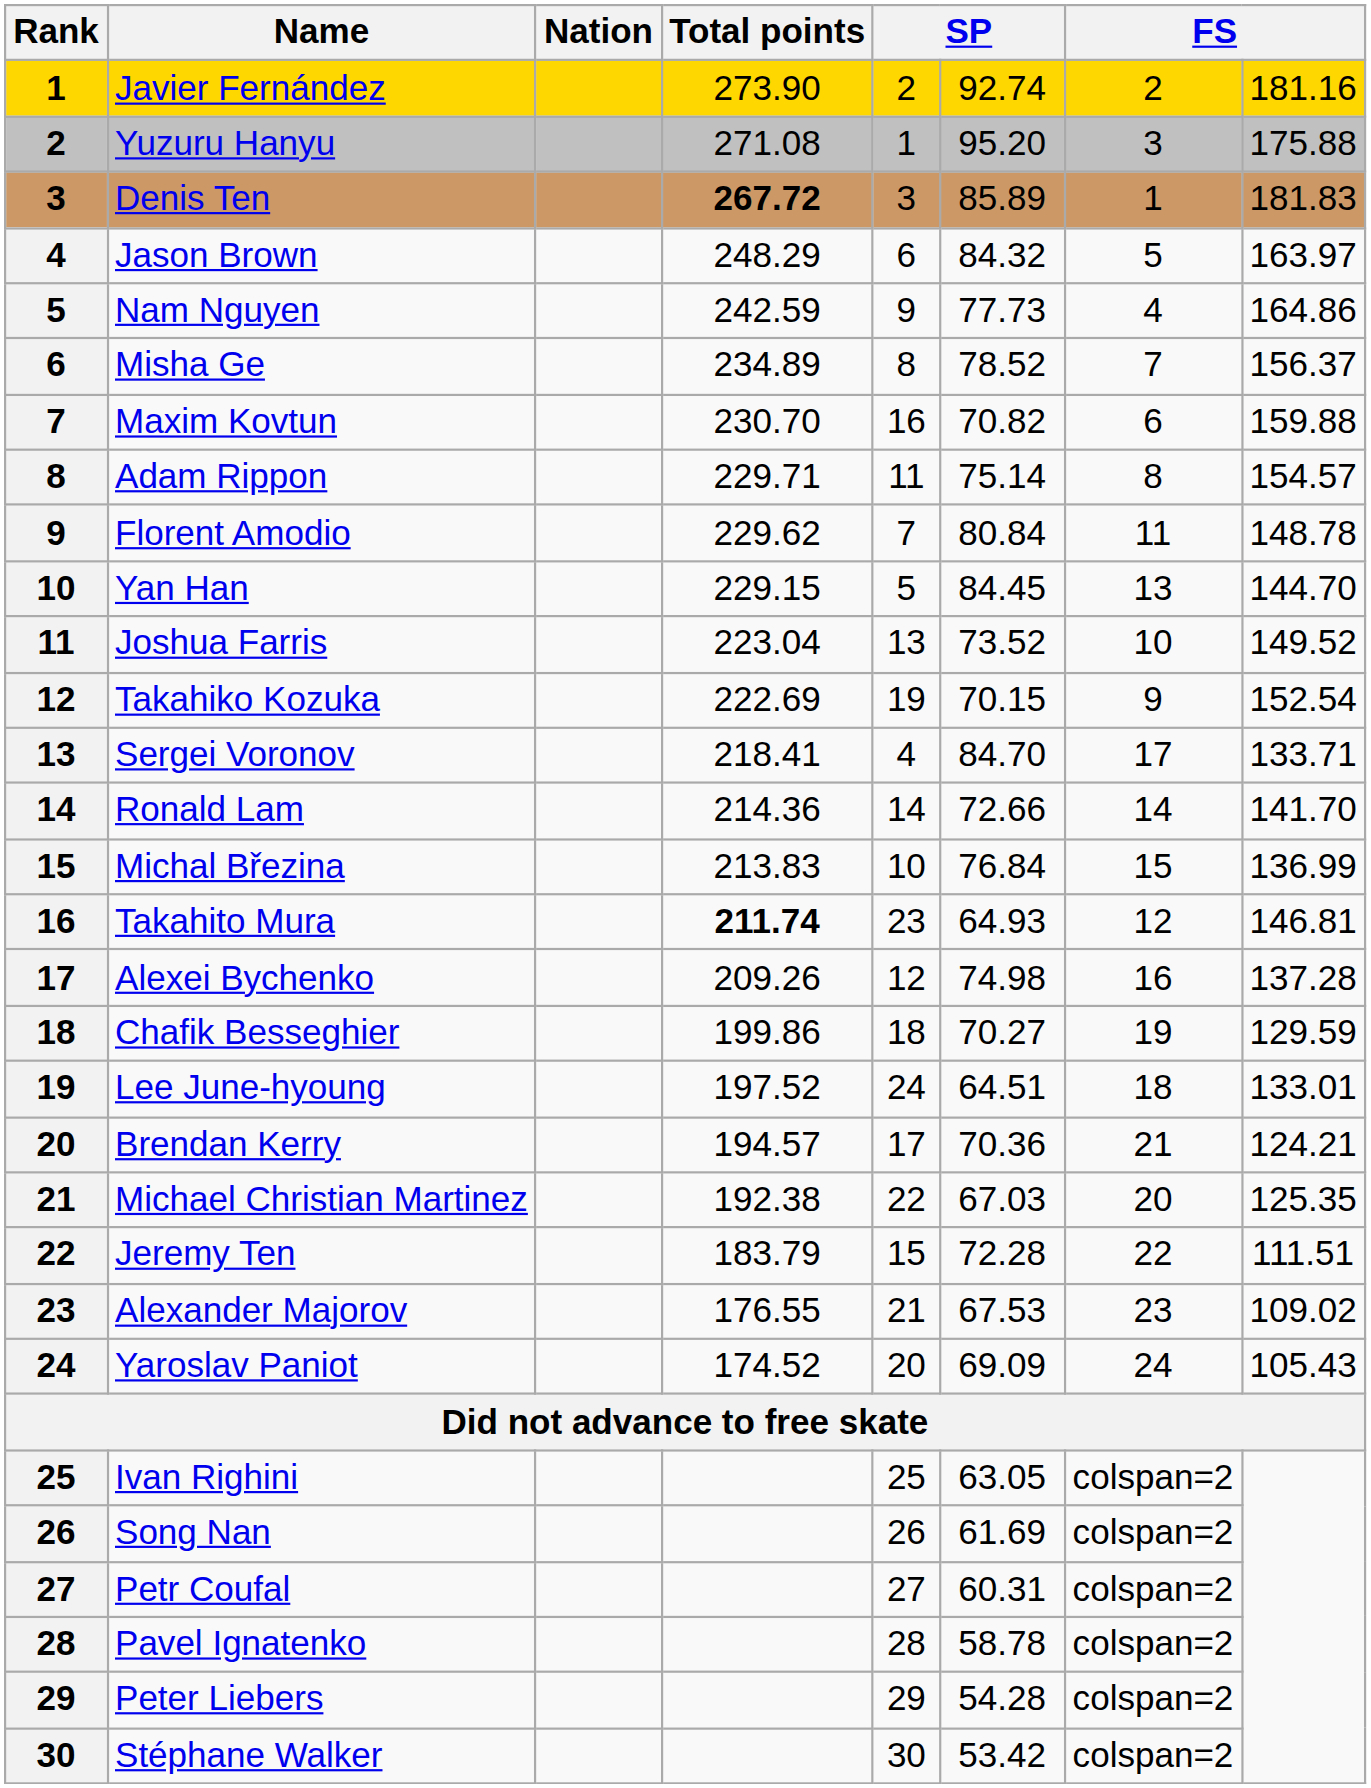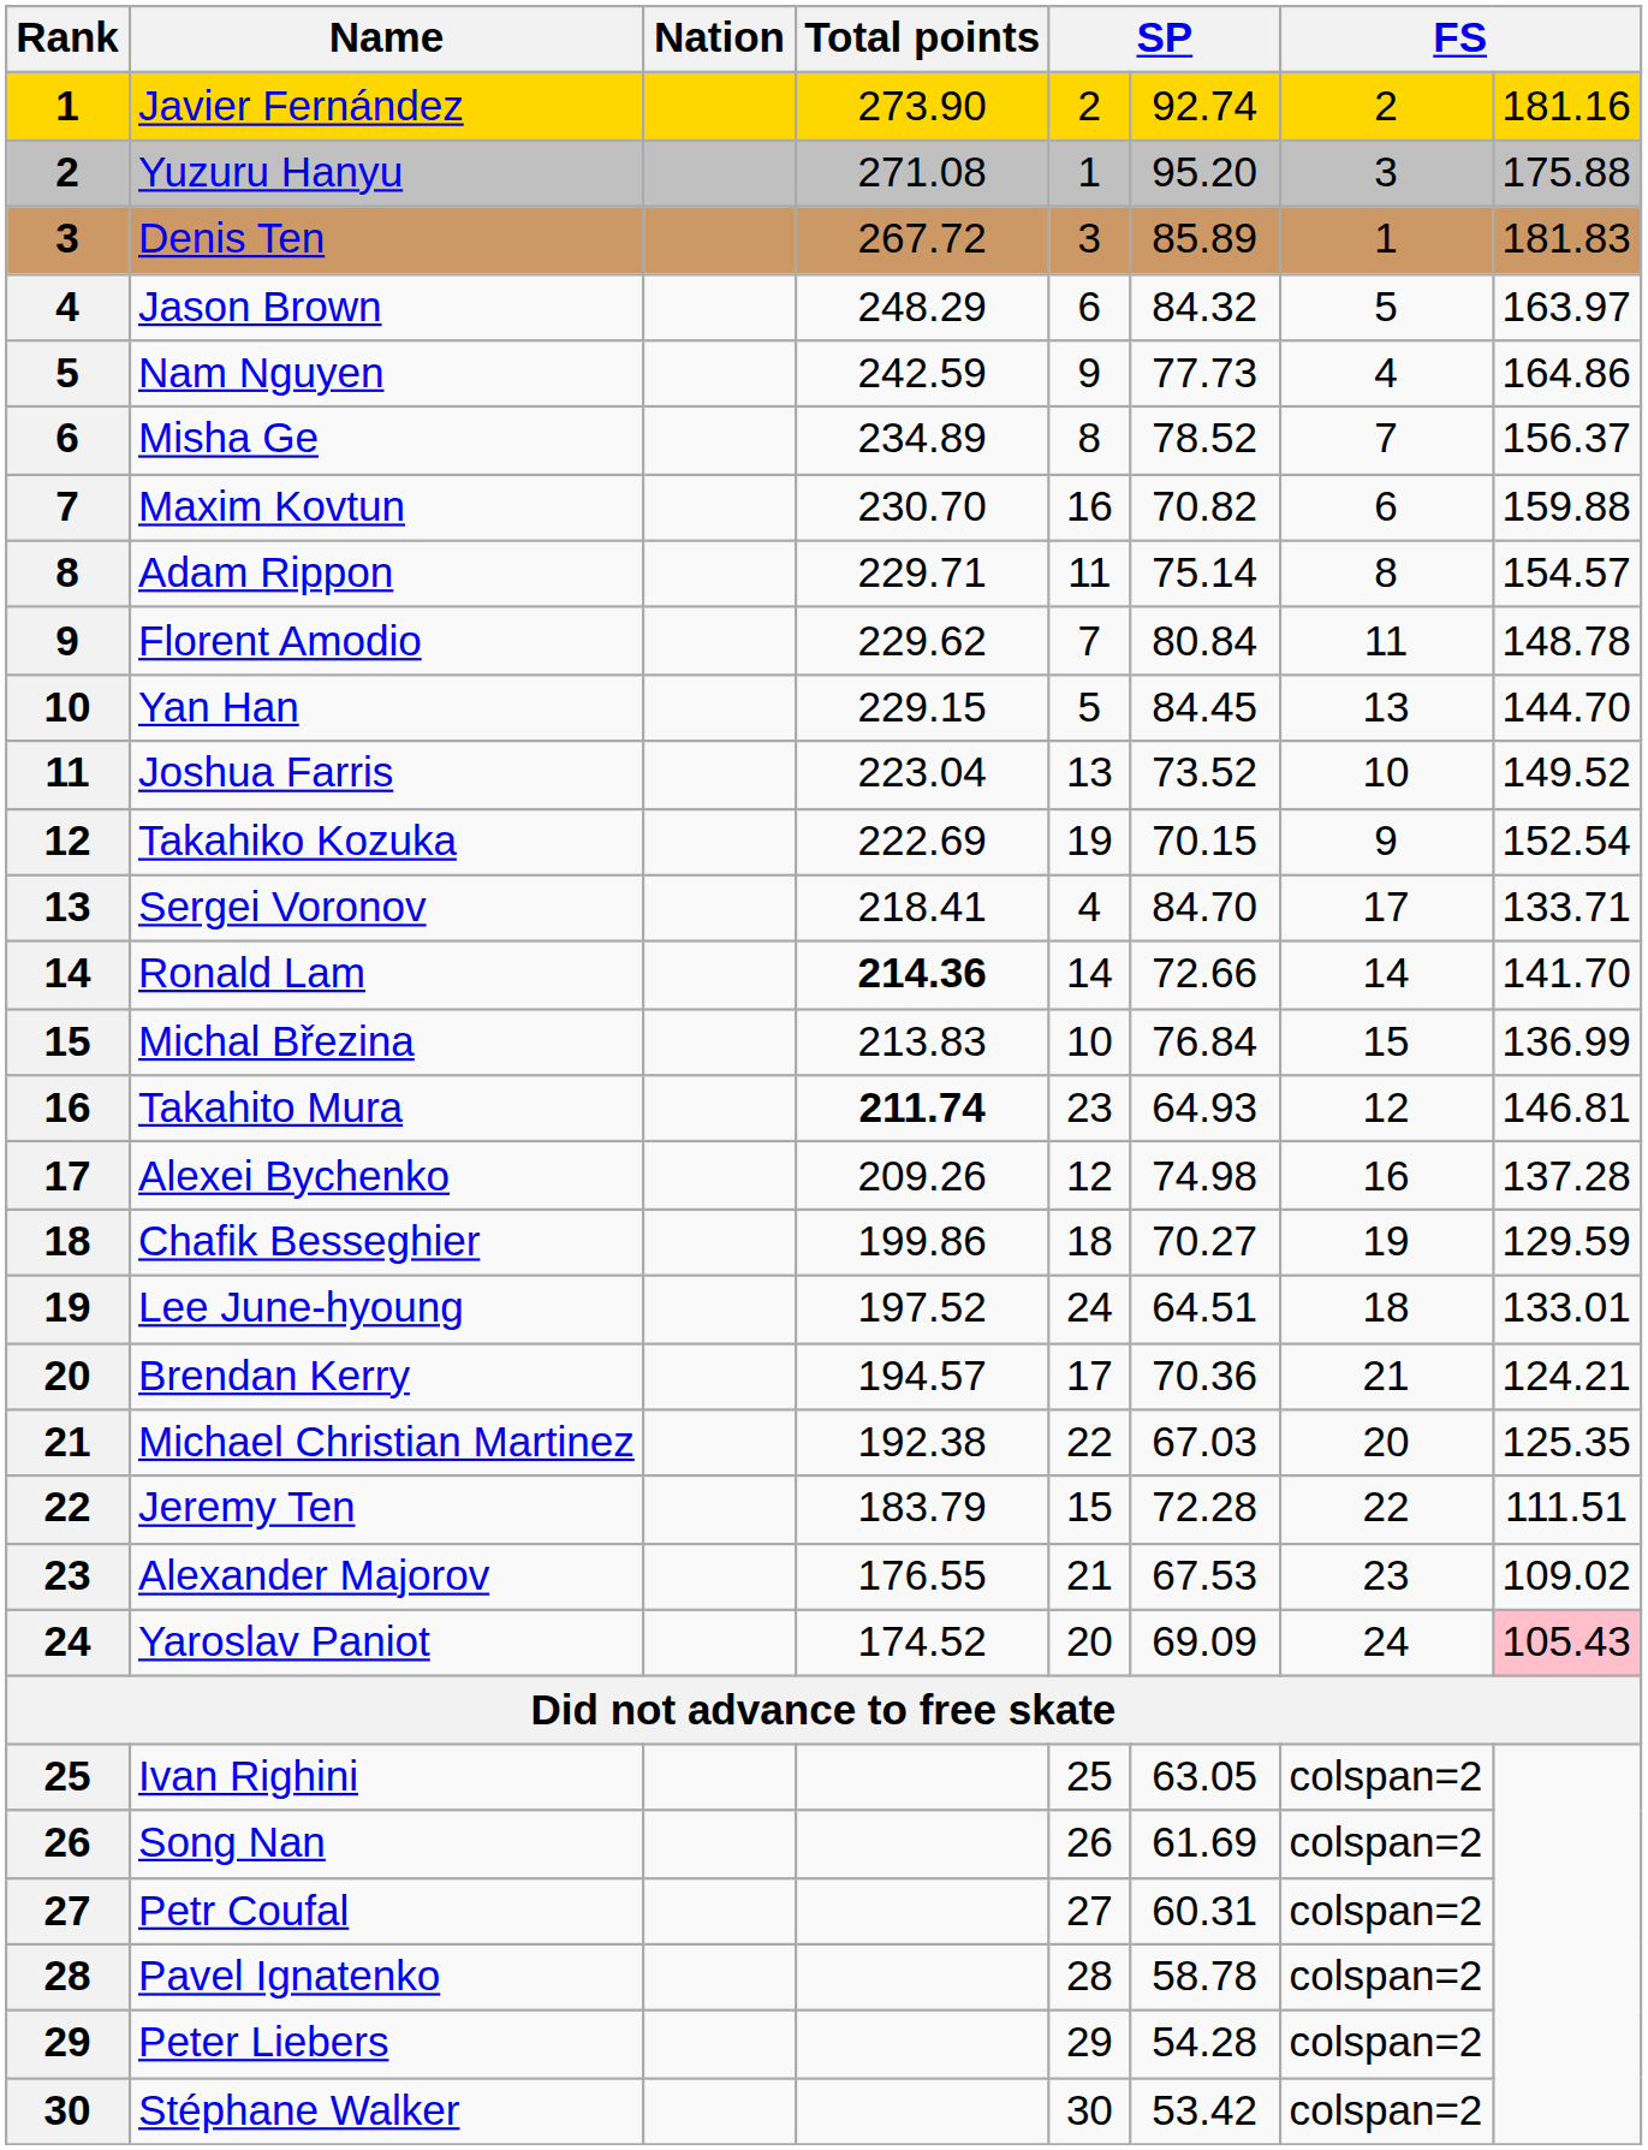 <table class="wikitable sortable">
 <tr>
 <th>Rank</th>
 <th>Name</th>
 <th>Nation</th>
 <th>Total points</th>
 <th colspan="2" width="80px"><a href='#'>SP</a></th>
 <th colspan="2" width="80px"><a href='#'>FS</a></th>
 </tr>
 <tr bgcolor="gold">
 <td align="center"><strong>1</strong></td>
 <td><a href='#'>Javier Fernández</a></td>
 <td></td>
 <td align="center">273.90</td>
 <td align="center">2</td>
 <td align="center">92.74</td>
 <td align="center">2</td>
 <td align="center">181.16</td>
 </tr>
 <tr bgcolor="silver">
 <td align="center"><strong>2</strong></td>
 <td><a href='#'>Yuzuru Hanyu</a></td>
 <td></td>
 <td align="center">271.08</td>
 <td align="center">1</td>
 <td align="center">95.20</td>
 <td align="center">3</td>
 <td align="center">175.88</td>
 </tr>
 <tr bgcolor="cc9966">
 <td align="center"><strong>3</strong></td>
 <td><a href='#'>Denis Ten</a></td>
 <td></td>
-<td align="center"><strong>267.72</strong></td>
+<td align="center">267.72</td>
 <td align="center">3</td>
 <td align="center">85.89</td>
 <td align="center">1</td>
 <td align="center">181.83</td>
 </tr>
 <tr>
 <th>4</th>
 <td><a href='#'>Jason Brown</a></td>
 <td></td>
 <td align="center">248.29</td>
 <td align="center">6</td>
 <td align="center">84.32</td>
 <td align="center">5</td>
 <td align="center">163.97</td>
 </tr>
 <tr>
 <th>5</th>
 <td><a href='#'>Nam Nguyen</a></td>
 <td></td>
 <td align="center">242.59</td>
 <td align="center">9</td>
 <td align="center">77.73</td>
 <td align="center">4</td>
 <td align="center">164.86</td>
 </tr>
 <tr>
 <th>6</th>
 <td><a href='#'>Misha Ge</a></td>
 <td></td>
 <td align="center">234.89</td>
 <td align="center">8</td>
 <td align="center">78.52</td>
 <td align="center">7</td>
 <td align="center">156.37</td>
 </tr>
 <tr>
 <th>7</th>
 <td><a href='#'>Maxim Kovtun</a></td>
 <td></td>
 <td align="center">230.70</td>
 <td align="center">16</td>
 <td align="center">70.82</td>
 <td align="center">6</td>
 <td align="center">159.88</td>
 </tr>
 <tr>
 <th>8</th>
 <td><a href='#'>Adam Rippon</a></td>
 <td></td>
 <td align="center">229.71</td>
 <td align="center">11</td>
 <td align="center">75.14</td>
 <td align="center">8</td>
 <td align="center">154.57</td>
 </tr>
 <tr>
 <th>9</th>
 <td><a href='#'>Florent Amodio</a></td>
 <td></td>
 <td align="center">229.62</td>
 <td align="center">7</td>
 <td align="center">80.84</td>
 <td align="center">11</td>
 <td align="center">148.78</td>
 </tr>
 <tr>
 <th>10</th>
 <td><a href='#'>Yan Han</a></td>
 <td></td>
 <td align="center">229.15</td>
 <td align="center">5</td>
 <td align="center">84.45</td>
 <td align="center">13</td>
 <td align="center">144.70</td>
 </tr>
 <tr>
 <th>11</th>
 <td><a href='#'>Joshua Farris</a></td>
 <td></td>
 <td align="center">223.04</td>
 <td align="center">13</td>
 <td align="center">73.52</td>
 <td align="center">10</td>
 <td align="center">149.52</td>
 </tr>
 <tr>
 <th>12</th>
 <td><a href='#'>Takahiko Kozuka</a></td>
 <td></td>
 <td align="center">222.69</td>
 <td align="center">19</td>
 <td align="center">70.15</td>
 <td align="center">9</td>
 <td align="center">152.54</td>
 </tr>
 <tr>
 <th>13</th>
 <td><a href='#'>Sergei Voronov</a></td>
 <td></td>
 <td align="center">218.41</td>
 <td align="center">4</td>
 <td align="center">84.70</td>
 <td align="center">17</td>
 <td align="center">133.71</td>
 </tr>
 <tr>
 <th>14</th>
 <td><a href='#'>Ronald Lam</a></td>
 <td></td>
-<td align="center">214.36</td>
+<td align="center"><strong>214.36</strong></td>
 <td align="center">14</td>
 <td align="center">72.66</td>
 <td align="center">14</td>
 <td align="center">141.70</td>
 </tr>
 <tr>
 <th>15</th>
 <td><a href='#'>Michal Březina</a></td>
 <td></td>
 <td align="center">213.83</td>
 <td align="center">10</td>
 <td align="center">76.84</td>
 <td align="center">15</td>
 <td align="center">136.99</td>
 </tr>
 <tr>
 <th>16</th>
 <td><a href='#'>Takahito Mura</a></td>
 <td></td>
 <td align="center"><strong>211.74</strong></td>
 <td align="center">23</td>
 <td align="center">64.93</td>
 <td align="center">12</td>
 <td align="center">146.81</td>
 </tr>
 <tr>
 <th>17</th>
 <td><a href='#'>Alexei Bychenko</a></td>
 <td></td>
 <td align="center">209.26</td>
 <td align="center">12</td>
 <td align="center">74.98</td>
 <td align="center">16</td>
 <td align="center">137.28</td>
 </tr>
 <tr>
 <th>18</th>
 <td><a href='#'>Chafik Besseghier</a></td>
 <td></td>
 <td align="center">199.86</td>
 <td align="center">18</td>
 <td align="center">70.27</td>
 <td align="center">19</td>
 <td align="center">129.59</td>
 </tr>
 <tr>
 <th>19</th>
 <td><a href='#'>Lee June-hyoung</a></td>
 <td></td>
 <td align="center">197.52</td>
 <td align="center">24</td>
 <td align="center">64.51</td>
 <td align="center">18</td>
 <td align="center">133.01</td>
 </tr>
 <tr>
 <th>20</th>
 <td><a href='#'>Brendan Kerry</a></td>
 <td></td>
 <td align="center">194.57</td>
 <td align="center">17</td>
 <td align="center">70.36</td>
 <td align="center">21</td>
 <td align="center">124.21</td>
 </tr>
 <tr>
 <th>21</th>
 <td><a href='#'>Michael Christian Martinez</a></td>
 <td></td>
 <td align="center">192.38</td>
 <td align="center">22</td>
 <td align="center">67.03</td>
 <td align="center">20</td>
 <td align="center">125.35</td>
 </tr>
 <tr>
 <th>22</th>
 <td><a href='#'>Jeremy Ten</a></td>
 <td></td>
 <td align="center">183.79</td>
 <td align="center">15</td>
 <td align="center">72.28</td>
 <td align="center">22</td>
 <td align="center">111.51</td>
 </tr>
 <tr>
 <th>23</th>
 <td><a href='#'>Alexander Majorov</a></td>
 <td></td>
 <td align="center">176.55</td>
 <td align="center">21</td>
 <td align="center">67.53</td>
 <td align="center">23</td>
 <td align="center">109.02</td>
 </tr>
 <tr>
 <th>24</th>
 <td><a href='#'>Yaroslav Paniot</a></td>
 <td></td>
 <td align="center">174.52</td>
 <td align="center">20</td>
 <td align="center">69.09</td>
 <td align="center">24</td>
-<td align="center">105.43</td>
+<td align="center" style="background: pink;">105.43</td>
 </tr>
 <tr>
 <th colspan=10>Did not advance to free skate</th>
 </tr>
 <tr>
 <th>25</th>
 <td><a href='#'>Ivan Righini</a></td>
 <td></td>
 <td></td>
 <td align="center">25</td>
 <td align="center">63.05</td>
 <td>colspan=2 </td>
 </tr>
 <tr>
 <th>26</th>
 <td><a href='#'>Song Nan</a></td>
 <td></td>
 <td></td>
 <td align="center">26</td>
 <td align="center">61.69</td>
 <td>colspan=2 </td>
 </tr>
 <tr>
 <th>27</th>
 <td><a href='#'>Petr Coufal</a></td>
 <td></td>
 <td></td>
 <td align="center">27</td>
 <td align="center">60.31</td>
 <td>colspan=2 </td>
 </tr>
 <tr>
 <th>28</th>
 <td><a href='#'>Pavel Ignatenko</a></td>
 <td></td>
 <td></td>
 <td align="center">28</td>
 <td align="center">58.78</td>
 <td>colspan=2 </td>
 </tr>
 <tr>
 <th>29</th>
 <td><a href='#'>Peter Liebers</a></td>
 <td></td>
 <td></td>
 <td align="center">29</td>
 <td align="center">54.28</td>
 <td>colspan=2 </td>
 </tr>
 <tr>
 <th>30</th>
 <td><a href='#'>Stéphane Walker</a></td>
 <td></td>
 <td></td>
 <td align="center">30</td>
 <td align="center">53.42</td>
 <td>colspan=2 </td>
 </tr>
 </table>
